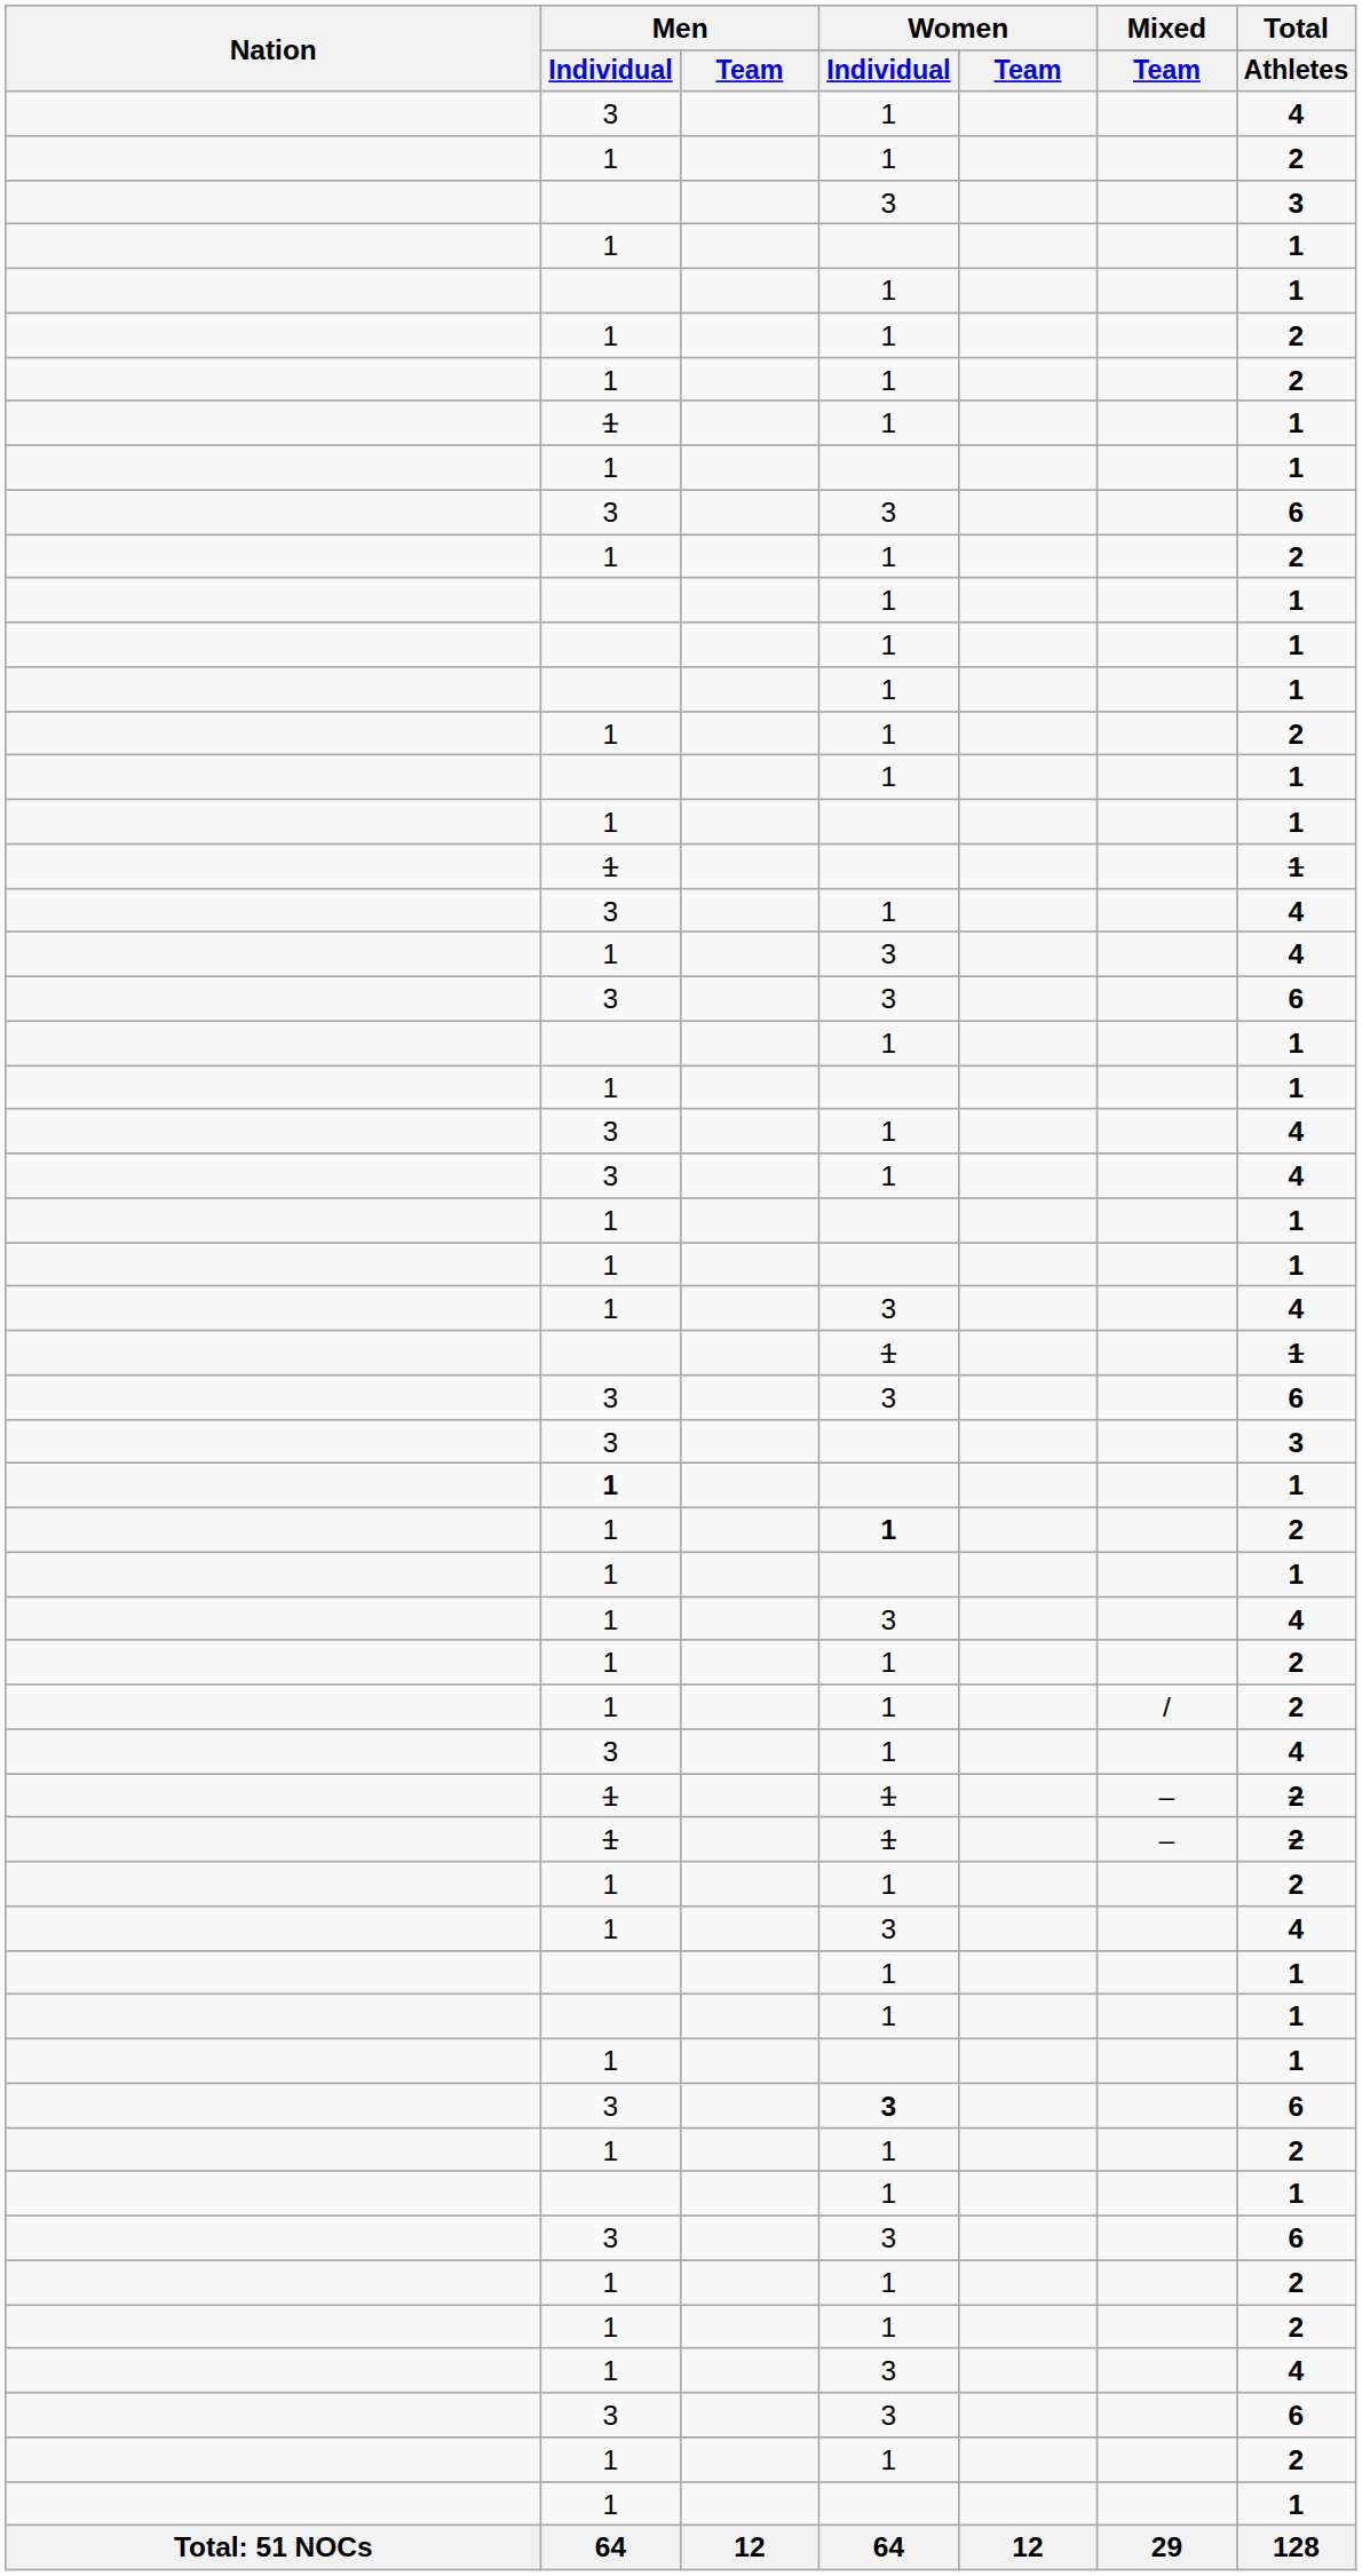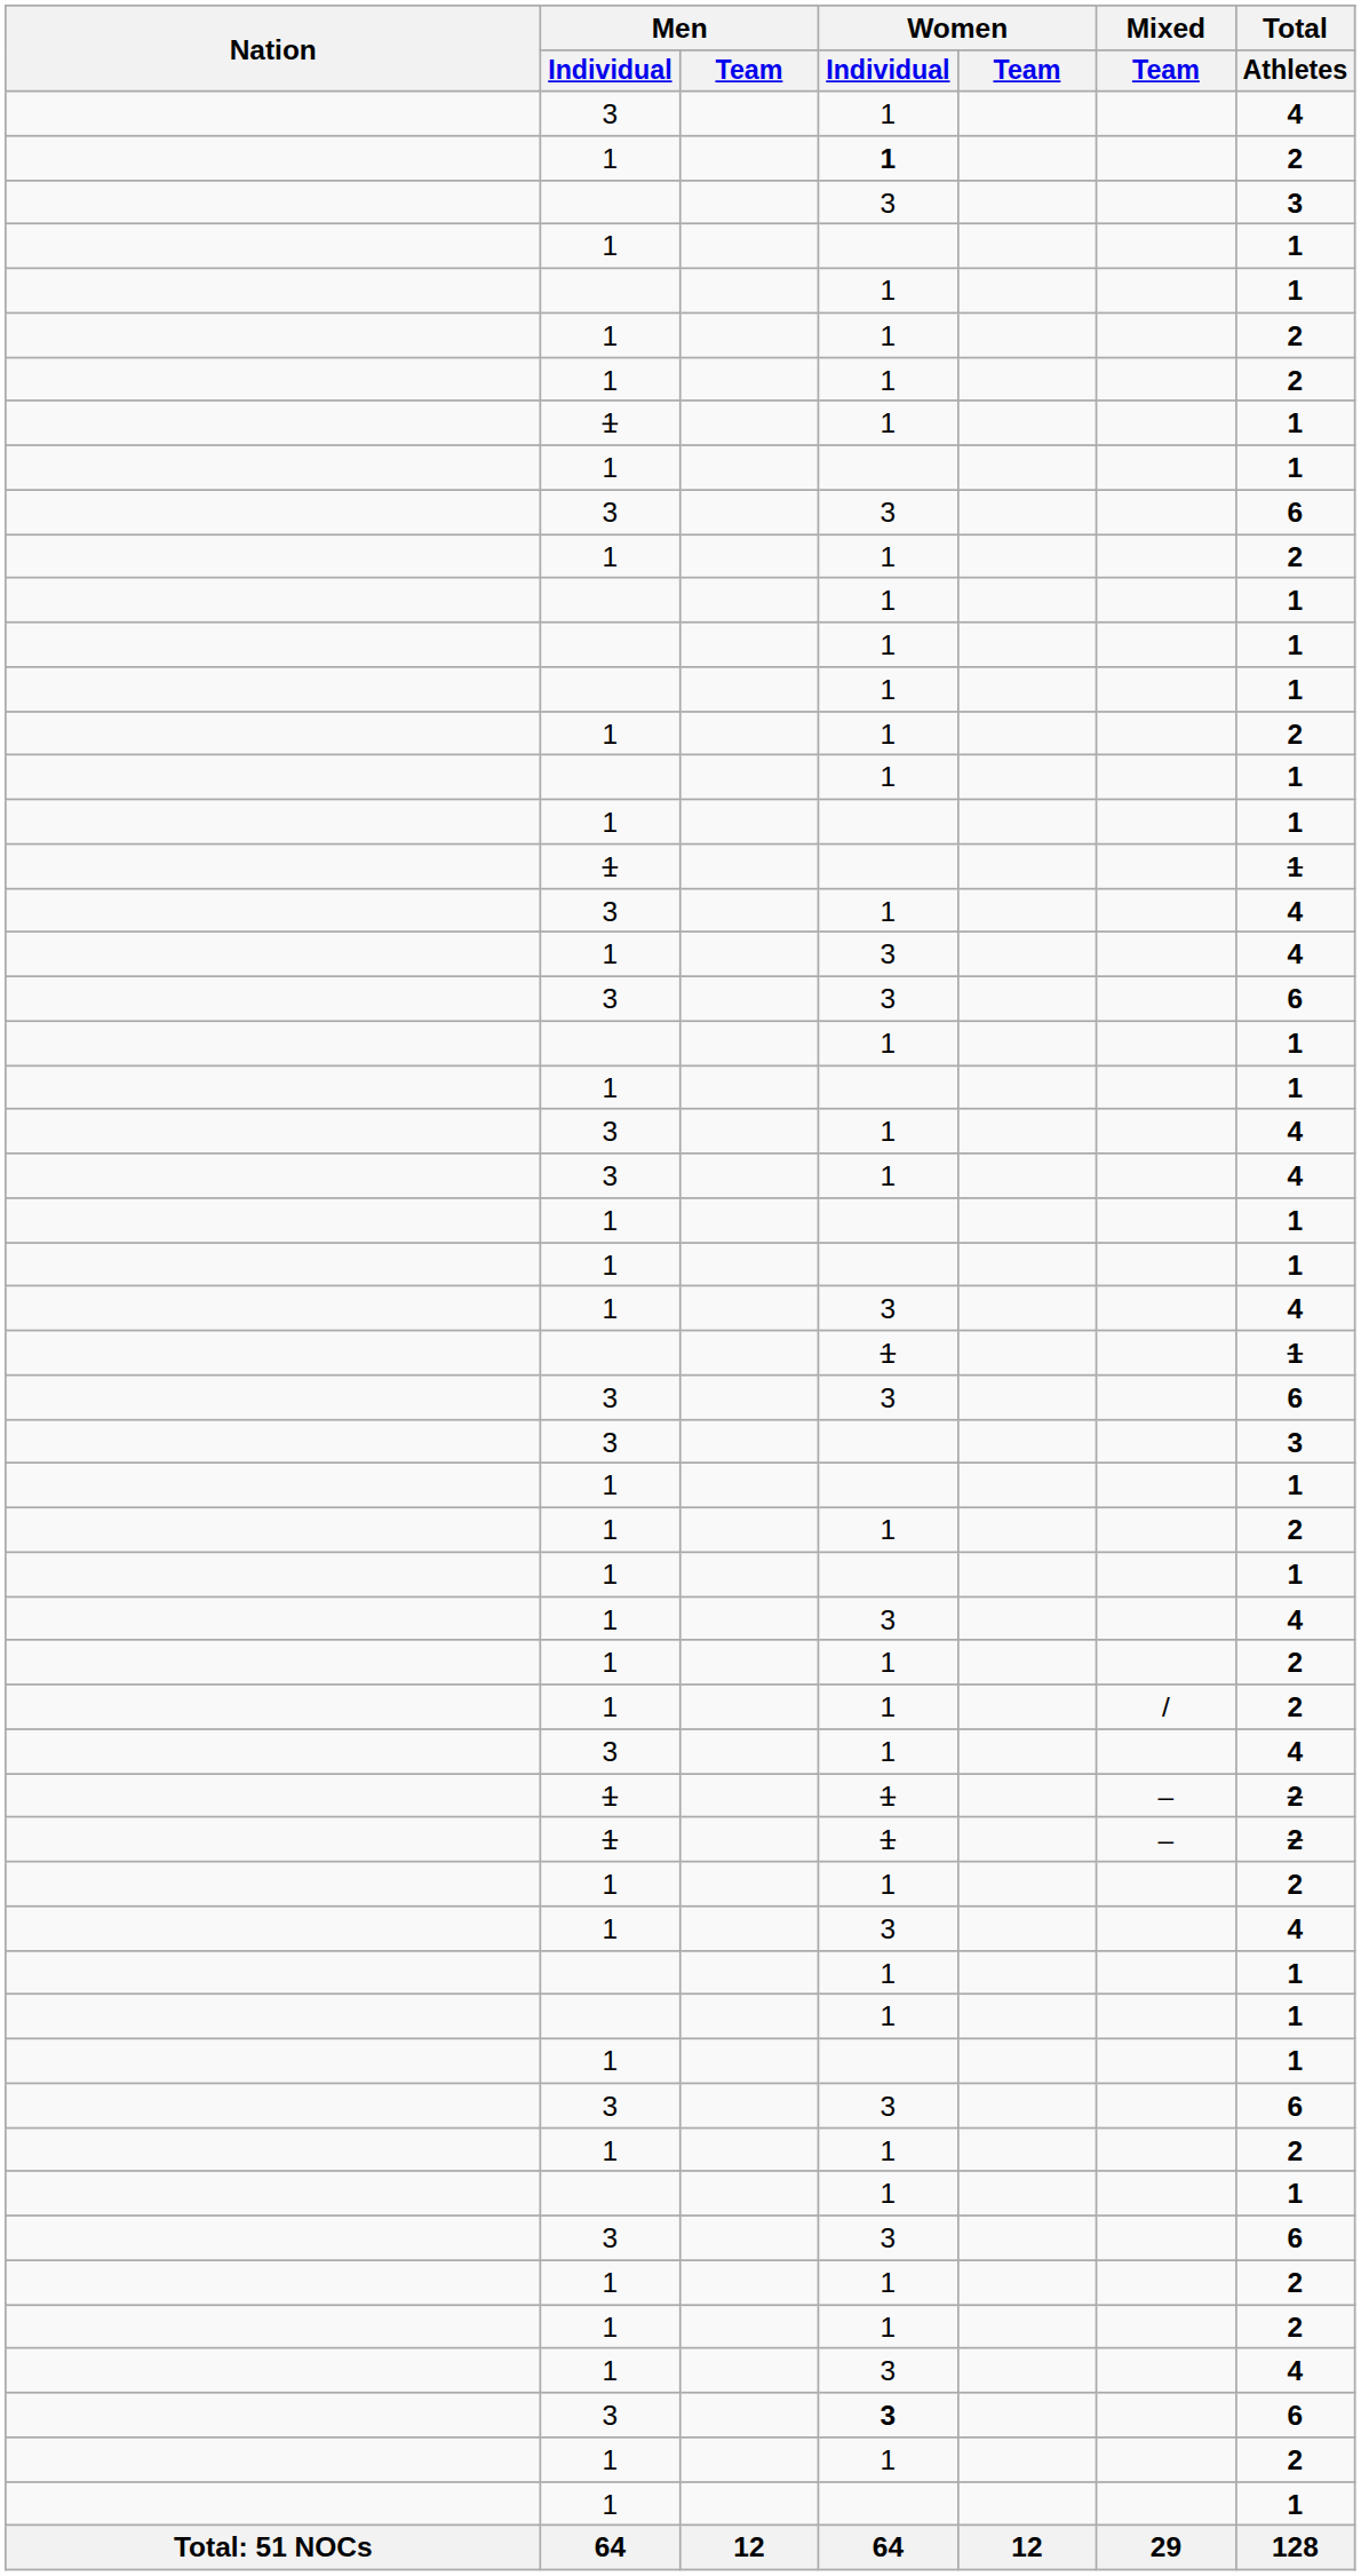 <table class="wikitable sortable" style="text-align:center; font-size:90%" width=695>
 <tr>
 <th rowspan="2" style="text-align:center;">Nation</th>
 <th colspan="2">Men</th>
 <th colspan="2">Women</th>
 <th>Mixed</th>
 <th>Total</th>
 </tr>
 <tr style="font-size: 95%;">
 <th width=65><a href='#'>Individual</a></th>
 <th width=65><a href='#'>Team</a></th>
 <th width=65><a href='#'>Individual</a></th>
 <th width=65><a href='#'>Team</a></th>
 <th width=65><a href='#'>Team</a></th>
 <th width=55>Athletes</th>
 </tr>
 <tr>
 <td style="text-align:left;"></td>
 <td>3</td>
 <td></td>
 <td>1</td>
 <td></td>
 <td></td>
 <td><strong>4</strong></td>
 </tr>
 <tr>
 <td style="text-align:left;"></td>
 <td>1</td>
 <td></td>
-<td>1</td>
+<td><strong>1</strong></td>
 <td></td>
 <td></td>
 <td><strong>2</strong></td>
 </tr>
 <tr>
 <td style="text-align:left;"></td>
 <td></td>
 <td></td>
 <td>3</td>
 <td></td>
 <td></td>
 <td><strong>3</strong></td>
 </tr>
 <tr>
 <td style="text-align:left;"></td>
 <td>1</td>
 <td></td>
 <td></td>
 <td></td>
 <td></td>
 <td><strong>1</strong></td>
 </tr>
 <tr>
 <td style="text-align:left;"></td>
 <td></td>
 <td></td>
 <td>1</td>
 <td></td>
 <td></td>
 <td><strong>1</strong></td>
 </tr>
 <tr>
 <td style="text-align:left;"></td>
 <td>1</td>
 <td></td>
 <td>1</td>
 <td></td>
 <td></td>
 <td><strong>2</strong></td>
 </tr>
 <tr>
 <td style="text-align:left;"></td>
 <td>1</td>
 <td></td>
 <td>1</td>
 <td></td>
 <td></td>
 <td><strong>2</strong></td>
 </tr>
 <tr>
 <td style="text-align:left;"></td>
 <td><s>1</s></td>
 <td></td>
 <td>1</td>
 <td></td>
 <td></td>
 <td><strong>1</strong></td>
 </tr>
 <tr>
 <td style="text-align:left;"></td>
 <td>1</td>
 <td></td>
 <td></td>
 <td></td>
 <td></td>
 <td><strong>1</strong></td>
 </tr>
 <tr>
 <td style="text-align:left;"></td>
 <td>3</td>
 <td></td>
 <td>3</td>
 <td></td>
 <td></td>
 <td><strong>6</strong></td>
 </tr>
 <tr>
 <td style="text-align:left;"></td>
 <td>1</td>
 <td></td>
 <td>1</td>
 <td></td>
 <td></td>
 <td><strong>2</strong></td>
 </tr>
 <tr>
 <td style="text-align:left;"></td>
 <td></td>
 <td></td>
 <td>1</td>
 <td></td>
 <td></td>
 <td><strong>1</strong></td>
 </tr>
 <tr>
 <td style="text-align:left;"></td>
 <td></td>
 <td></td>
 <td>1</td>
 <td></td>
 <td></td>
 <td><strong>1</strong></td>
 </tr>
 <tr>
 <td style="text-align:left;"></td>
 <td></td>
 <td></td>
 <td>1</td>
 <td></td>
 <td></td>
 <td><strong>1</strong></td>
 </tr>
 <tr>
 <td style="text-align:left;"></td>
 <td>1</td>
 <td></td>
 <td>1</td>
 <td></td>
 <td></td>
 <td><strong>2</strong></td>
 </tr>
 <tr>
 <td style="text-align:left;"></td>
 <td></td>
 <td></td>
 <td>1</td>
 <td></td>
 <td></td>
 <td><strong>1</strong></td>
 </tr>
 <tr>
 <td style="text-align:left;"></td>
 <td>1</td>
 <td></td>
 <td></td>
 <td></td>
 <td></td>
 <td><strong>1</strong></td>
 </tr>
 <tr>
 <td style="text-align:left;"><s></s></td>
 <td><s>1</s></td>
 <td></td>
 <td></td>
 <td></td>
 <td></td>
 <td><strong><s>1</s></strong></td>
 </tr>
 <tr>
 <td style="text-align:left;"></td>
 <td>3</td>
 <td></td>
 <td>1</td>
 <td></td>
 <td></td>
 <td><strong>4</strong></td>
 </tr>
 <tr>
 <td style="text-align:left;"></td>
 <td>1</td>
 <td></td>
 <td>3</td>
 <td></td>
 <td></td>
 <td><strong>4</strong></td>
 </tr>
 <tr>
 <td style="text-align:left;"></td>
 <td>3</td>
 <td></td>
 <td>3</td>
 <td></td>
 <td></td>
 <td><strong>6</strong></td>
 </tr>
 <tr>
 <td style="text-align:left;"></td>
 <td></td>
 <td></td>
 <td>1</td>
 <td></td>
 <td></td>
 <td><strong>1</strong></td>
 </tr>
 <tr>
 <td style="text-align:left;"></td>
 <td>1</td>
 <td></td>
 <td></td>
 <td></td>
 <td></td>
 <td><strong>1</strong></td>
 </tr>
 <tr>
 <td style="text-align:left;"></td>
 <td>3</td>
 <td></td>
 <td>1</td>
 <td></td>
 <td></td>
 <td><strong>4</strong></td>
 </tr>
 <tr>
 <td style="text-align:left;"></td>
 <td>3</td>
 <td></td>
 <td>1</td>
 <td></td>
 <td></td>
 <td><strong>4</strong></td>
 </tr>
 <tr>
 <td style="text-align:left;"></td>
 <td>1</td>
 <td></td>
 <td></td>
 <td></td>
 <td></td>
 <td><strong>1</strong></td>
 </tr>
 <tr>
 <td style="text-align:left;"></td>
 <td>1</td>
 <td></td>
 <td></td>
 <td></td>
 <td></td>
 <td><strong>1</strong></td>
 </tr>
 <tr>
 <td style="text-align:left;"></td>
 <td>1</td>
 <td></td>
 <td>3</td>
 <td></td>
 <td></td>
 <td><strong>4</strong></td>
 </tr>
 <tr>
 <td style="text-align:left;"><s></s></td>
 <td></td>
 <td></td>
 <td><s>1</s></td>
 <td></td>
 <td></td>
 <td><strong><s>1</s></strong></td>
 </tr>
 <tr>
 <td style="text-align:left;"></td>
 <td>3</td>
 <td></td>
 <td>3</td>
 <td></td>
 <td></td>
 <td><strong>6</strong></td>
 </tr>
 <tr>
 <td style="text-align:left;"></td>
 <td>3</td>
 <td></td>
 <td></td>
 <td></td>
 <td></td>
 <td><strong>3</strong></td>
 </tr>
 <tr>
 <td style="text-align:left;"></td>
-<td><strong>1</strong></td>
+<td>1</td>
 <td></td>
 <td></td>
 <td></td>
 <td></td>
 <td><strong>1</strong></td>
 </tr>
 <tr>
 <td style="text-align:left;"></td>
 <td>1</td>
 <td></td>
-<td><strong>1</strong></td>
+<td>1</td>
 <td></td>
 <td></td>
 <td><strong>2</strong></td>
 </tr>
 <tr>
 <td style="text-align:left;"></td>
 <td>1</td>
 <td></td>
 <td></td>
 <td></td>
 <td></td>
 <td><strong>1</strong></td>
 </tr>
 <tr>
 <td style="text-align:left;"></td>
 <td>1</td>
 <td></td>
 <td>3</td>
 <td></td>
 <td></td>
 <td><strong>4</strong></td>
 </tr>
 <tr>
 <td style="text-align:left;"></td>
 <td>1</td>
 <td></td>
 <td>1</td>
 <td></td>
 <td></td>
 <td><strong>2</strong></td>
 </tr>
 <tr>
 <td style="text-align:left;"></td>
 <td>1</td>
 <td></td>
 <td>1</td>
 <td></td>
 <td>/</td>
 <td><strong>2</strong></td>
 </tr>
 <tr>
 <td style="text-align:left;"></td>
 <td>3</td>
 <td></td>
 <td>1</td>
 <td></td>
 <td></td>
 <td><strong>4</strong></td>
 </tr>
 <tr>
 <td style="text-align:left;"><s></s></td>
 <td><s>1</s></td>
 <td></td>
 <td><s>1</s></td>
 <td></td>
 <td>–</td>
 <td><strong><s>2</s></strong></td>
 </tr>
 <tr>
 <td style="text-align:left;"><s></s></td>
 <td><s>1</s></td>
 <td></td>
 <td><s>1</s></td>
 <td></td>
 <td>–</td>
 <td><strong><s>2</s></strong></td>
 </tr>
 <tr>
 <td style="text-align:left;"></td>
 <td>1</td>
 <td></td>
 <td>1</td>
 <td></td>
 <td></td>
 <td><strong>2</strong></td>
 </tr>
 <tr>
 <td style="text-align:left;"></td>
 <td>1</td>
 <td></td>
 <td>3</td>
 <td></td>
 <td></td>
 <td><strong>4</strong></td>
 </tr>
 <tr>
 <td style="text-align:left;"></td>
 <td></td>
 <td></td>
 <td>1</td>
 <td></td>
 <td></td>
 <td><strong>1</strong></td>
 </tr>
 <tr>
 <td style="text-align:left;"></td>
 <td></td>
 <td></td>
 <td>1</td>
 <td></td>
 <td></td>
 <td><strong>1</strong></td>
 </tr>
 <tr>
 <td style="text-align:left;"></td>
 <td>1</td>
 <td></td>
 <td></td>
 <td></td>
 <td></td>
 <td><strong>1</strong></td>
 </tr>
 <tr>
 <td style="text-align:left;"></td>
 <td>3</td>
 <td></td>
-<td><strong>3</strong></td>
+<td>3</td>
 <td></td>
 <td></td>
 <td><strong>6</strong></td>
 </tr>
 <tr>
 <td style="text-align:left;"></td>
 <td>1</td>
 <td></td>
 <td>1</td>
 <td></td>
 <td></td>
 <td><strong>2</strong></td>
 </tr>
 <tr>
 <td style="text-align:left;"></td>
 <td></td>
 <td></td>
 <td>1</td>
 <td></td>
 <td></td>
 <td><strong>1</strong></td>
 </tr>
 <tr>
 <td style="text-align:left;"></td>
 <td>3</td>
 <td></td>
 <td>3</td>
 <td></td>
 <td></td>
 <td><strong>6</strong></td>
 </tr>
 <tr>
 <td style="text-align:left;"></td>
 <td>1</td>
 <td></td>
 <td>1</td>
 <td></td>
 <td></td>
 <td><strong>2</strong></td>
 </tr>
 <tr>
 <td style="text-align:left;"></td>
 <td>1</td>
 <td></td>
 <td>1</td>
 <td></td>
 <td></td>
 <td><strong>2</strong></td>
 </tr>
 <tr>
 <td style="text-align:left;"></td>
 <td>1</td>
 <td></td>
 <td>3</td>
 <td></td>
 <td></td>
 <td><strong>4</strong></td>
 </tr>
 <tr>
 <td style="text-align:left;"></td>
 <td>3</td>
 <td></td>
-<td>3</td>
+<td><strong>3</strong></td>
 <td></td>
 <td></td>
 <td><strong>6</strong></td>
 </tr>
 <tr>
 <td style="text-align:left;"></td>
 <td>1</td>
 <td></td>
 <td>1</td>
 <td></td>
 <td></td>
 <td><strong>2</strong></td>
 </tr>
 <tr>
 <td style="text-align:left;"></td>
 <td>1</td>
 <td></td>
 <td></td>
 <td></td>
 <td></td>
 <td><strong>1</strong></td>
 </tr>
 <tr>
 <th>Total: 51 NOCs</th>
 <th>64</th>
 <th>12</th>
 <th>64</th>
 <th>12</th>
 <th>29</th>
 <th>128</th>
 </tr>
 </table>
